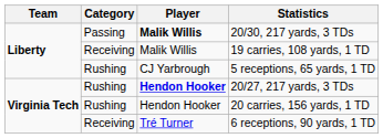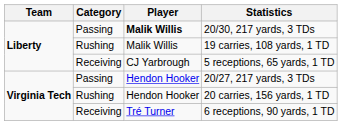 <table class="wikitable" style="float: left;">
 <tr>
 <th>Team</th>
 <th>Category</th>
 <th>Player</th>
 <th>Statistics</th>
 </tr>
 <tr>
 <td rowspan=3><strong>Liberty</strong></td>
 <td>Passing</td>
 <td><strong>Malik Willis</strong></td>
 <td>20/30, 217 yards, 3 TDs</td>
 </tr>
 <tr>
-<td>Receiving</td>
+<td>Rushing</td>
 <td>Malik Willis</td>
 <td>19 carries, 108 yards, 1 TD</td>
 </tr>
 <tr>
-<td>Rushing</td>
+<td>Receiving</td>
 <td>CJ Yarbrough</td>
 <td>5 receptions, 65 yards, 1 TD</td>
 </tr>
 <tr>
 <td rowspan=3><strong>Virginia Tech</strong></td>
-<td>Rushing</td>
-<td><strong><a href='#'>Hendon Hooker</a></strong></td>
+<td>Passing</td>
+<td><a href='#'>Hendon Hooker</a></td>
 <td>20/27, 217 yards, 3 TDs</td>
 </tr>
 <tr>
 <td>Rushing</td>
 <td>Hendon Hooker</td>
 <td>20 carries, 156 yards, 1 TD</td>
 </tr>
 <tr>
 <td>Receiving</td>
 <td><a href='#'>Tré Turner</a></td>
 <td>6 receptions, 90 yards, 1 TD</td>
 </tr>
 </table>
